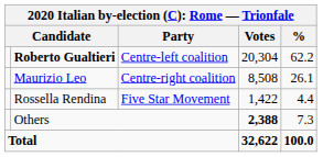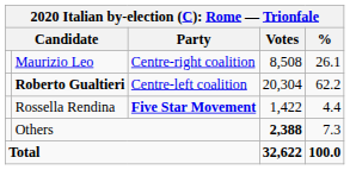 <table class=wikitable style=text-align:right>
 <tr>
 <th colspan=5>2020 Italian by-election (<a href='#'>C</a>): <a href='#'>Rome</a> — <a href='#'>Trionfale</a></th>
 </tr>
 <tr>
 <th colspan=2>Candidate</th>
 <th>Party</th>
 <th>Votes</th>
 <th>%</th>
 </tr>
 <tr>
 <td></td>
+<td align=left><a href='#'>Maurizio Leo</a></td>
+<td align=left><a href='#'>Centre-right coalition</a></td>
+<td>8,508</td>
+<td>26.1</td>
+</tr>
+<tr>
+<td></td>
 <td align=left><strong>Roberto Gualtieri</strong></td>
 <td align=left><a href='#'>Centre-left coalition</a></td>
 <td>20,304</td>
 <td>62.2</td>
 </tr>
 <tr>
 <td></td>
-<td align=left><a href='#'>Maurizio Leo</a></td>
-<td align=left><a href='#'>Centre-right coalition</a></td>
-<td>8,508</td>
-<td>26.1</td>
-</tr>
-<tr>
-<td></td>
 <td align=left>Rossella Rendina</td>
-<td align=left><a href='#'>Five Star Movement</a></td>
+<td align=left><strong><a href='#'>Five Star Movement</a></strong></td>
 <td>1,422</td>
 <td>4.4</td>
 </tr>
 <tr>
 <td></td>
 <td align=left colspan=2>Others</td>
 <td><strong>2,388</strong></td>
 <td>7.3</td>
 </tr>
 <tr>
 <td align=left colspan=3><strong>Total</strong></td>
 <td><strong>32,622</strong></td>
 <td><strong>100.0</strong></td>
 </tr>
 </table>
